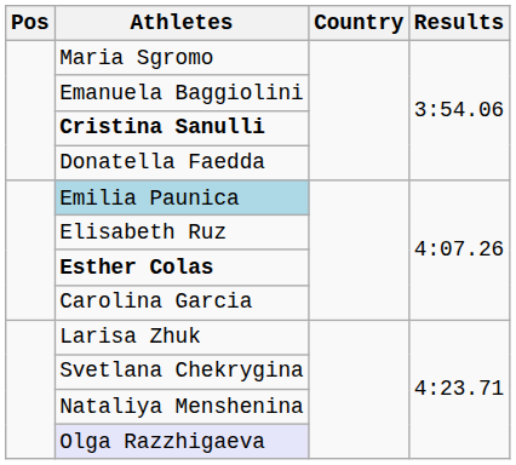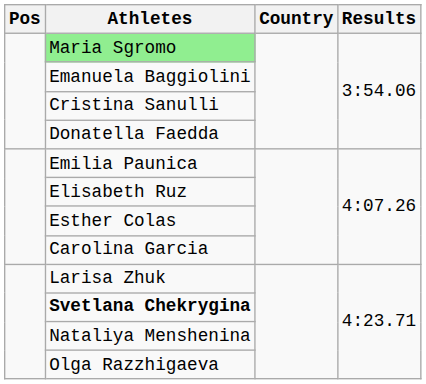 <table class="wikitable">
 <tr>
 <th>Pos</th>
 <th>Athletes</th>
 <th>Country</th>
 <th>Results</th>
 </tr>
 <tr>
 <td rowspan="4"></td>
-<td>Maria Sgromo</td>
+<td style="background: lightgreen;">Maria Sgromo</td>
 <td rowspan="4"></td>
 <td rowspan="4">3:54.06</td>
 </tr>
 <tr>
 <td>Emanuela Baggiolini</td>
 </tr>
 <tr>
-<td><strong>Cristina Sanulli</strong></td>
+<td>Cristina Sanulli</td>
 </tr>
 <tr>
 <td>Donatella Faedda</td>
 </tr>
 <tr>
 <td rowspan="4"></td>
-<td style="background: lightblue;">Emilia Paunica</td>
+<td>Emilia Paunica</td>
 <td rowspan="4"></td>
 <td rowspan="4">4:07.26</td>
 </tr>
 <tr>
 <td>Elisabeth Ruz</td>
 </tr>
 <tr>
-<td><strong>Esther Colas</strong></td>
+<td>Esther Colas</td>
 </tr>
 <tr>
 <td>Carolina Garcia</td>
 </tr>
 <tr>
 <td rowspan="4"></td>
 <td>Larisa Zhuk</td>
 <td rowspan="4"></td>
 <td rowspan="4">4:23.71</td>
 </tr>
 <tr>
-<td>Svetlana Chekrygina</td>
+<td><strong>Svetlana Chekrygina</strong></td>
 </tr>
 <tr>
 <td>Nataliya Menshenina</td>
 </tr>
 <tr>
-<td style="background: lavender;">Olga Razzhigaeva</td>
+<td>Olga Razzhigaeva</td>
 </tr>
 </table>
